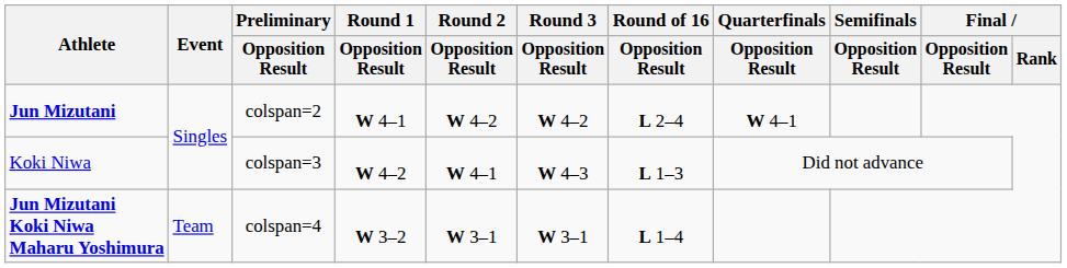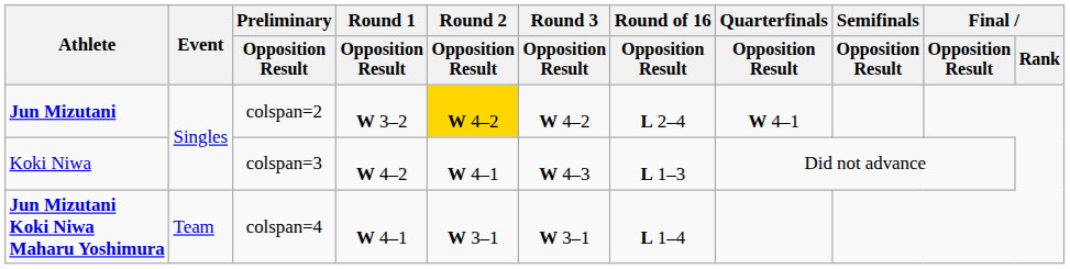 <table class="wikitable" style="font-size:90%;">
 <tr>
 <th rowspan=2>Athlete</th>
 <th rowspan=2>Event</th>
 <th>Preliminary</th>
 <th>Round 1</th>
 <th>Round 2</th>
 <th>Round 3</th>
 <th>Round of 16</th>
 <th>Quarterfinals</th>
 <th>Semifinals</th>
 <th colspan=2>Final / </th>
 </tr>
 <tr style="font-size:95%">
 <th>Opposition<br>Result</th>
 <th>Opposition<br>Result</th>
 <th>Opposition<br>Result</th>
 <th>Opposition<br>Result</th>
 <th>Opposition<br>Result</th>
 <th>Opposition<br>Result</th>
 <th>Opposition<br>Result</th>
 <th>Opposition<br>Result</th>
 <th>Rank</th>
 </tr>
 <tr align=center>
 <td align=left><strong><a href='#'>Jun Mizutani</a></strong></td>
 <td align=left rowspan=2><a href='#'>Singles</a></td>
 <td>colspan=2 </td>
-<td><br><strong>W</strong> 4–1</td>
-<td><br><strong>W</strong> 4–2</td>
+<td><br><strong>W</strong> 3–2</td>
+<td style="background: gold;"><br><strong>W</strong> 4–2</td>
 <td><br><strong>W</strong> 4–2</td>
 <td><br><strong>L</strong> 2–4</td>
 <td><br><strong>W</strong> 4–1</td>
 <td></td>
 </tr>
 <tr align=center>
 <td align=left><a href='#'>Koki Niwa</a></td>
 <td>colspan=3 </td>
 <td><br><strong>W</strong> 4–2</td>
 <td><br><strong>W</strong> 4–1</td>
 <td><br><strong>W</strong> 4–3</td>
 <td><br><strong>L</strong> 1–3</td>
 <td colspan=3>Did not advance</td>
 </tr>
 <tr align=center>
 <td align=left><strong><a href='#'>Jun Mizutani</a><br><a href='#'>Koki Niwa</a><br><a href='#'>Maharu Yoshimura</a></strong></td>
 <td align=left><a href='#'>Team</a></td>
 <td>colspan=4 </td>
-<td><br><strong>W</strong> 3–2</td>
+<td><br><strong>W</strong> 4–1</td>
 <td><br><strong>W</strong> 3–1</td>
 <td><br><strong>W</strong> 3–1</td>
 <td><br><strong>L</strong> 1–4</td>
 <td></td>
 </tr>
 </table>
